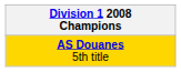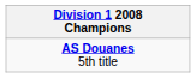 <table class="wikitable" style="margin: 0 auto; width: 240px;">
 <tr>
 <th><a href='#'>Division 1</a> 2008<br>Champions</th>
 </tr>
 <tr>
-<td align=center style="background: gold;"><strong><a href='#'>AS Douanes</a></strong><br>5th title</td>
+<td align=center><strong><a href='#'>AS Douanes</a></strong><br>5th title</td>
 </tr>
 </table>
